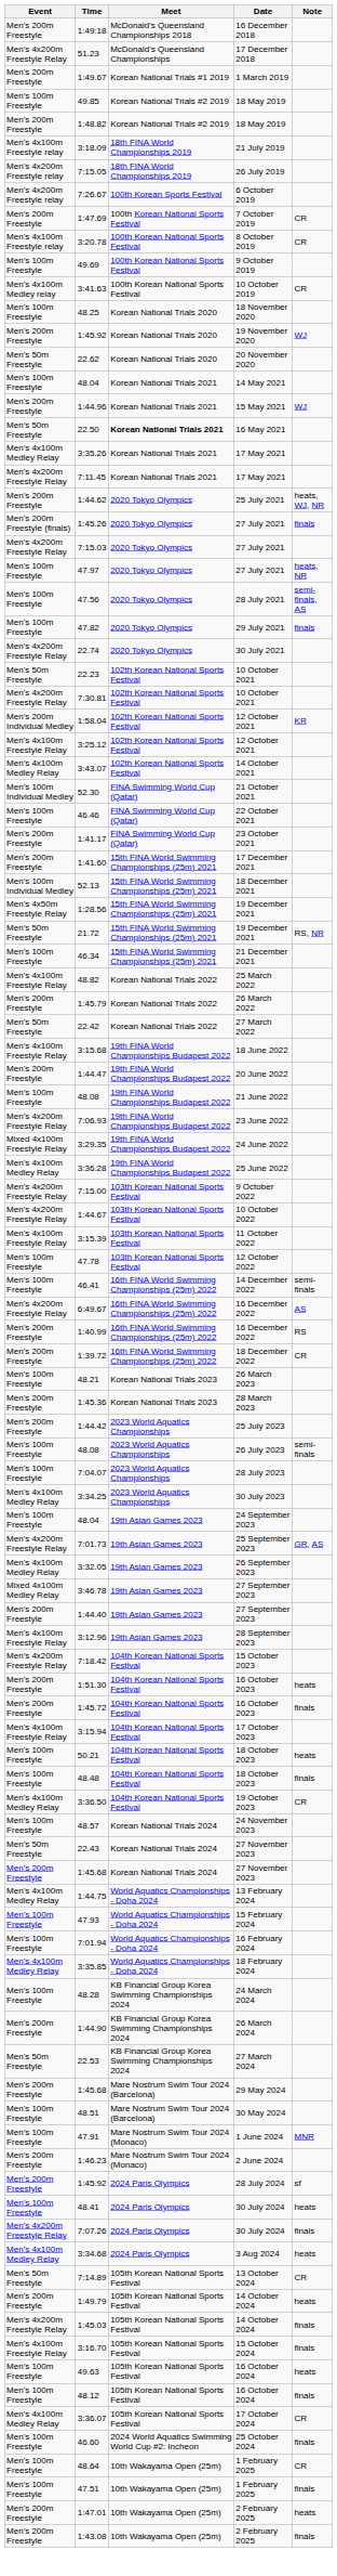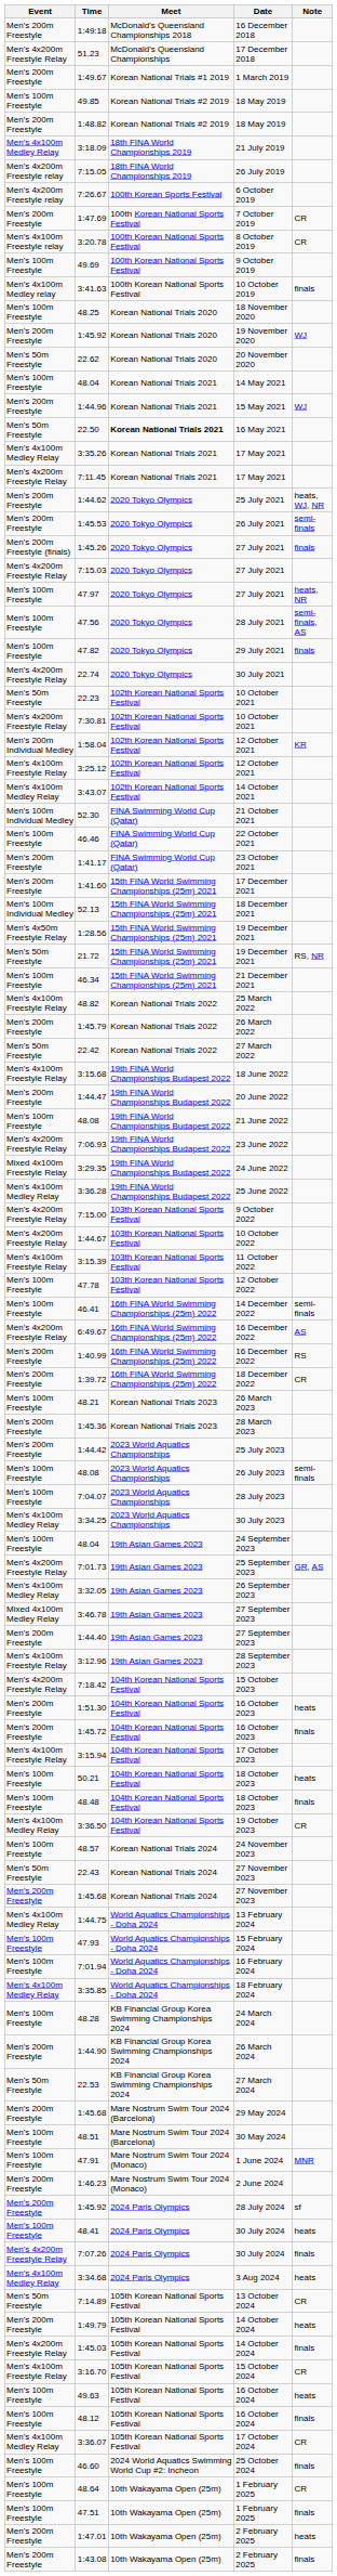 <table class="wikitable">
 <tr>
 <th>Event</th>
 <th>Time</th>
 <th>Meet</th>
 <th>Date</th>
 <th>Note</th>
 </tr>
 <tr>
 <td>Men's 200m Freestyle</td>
 <td>1:49:18</td>
 <td>McDonald's Queensland Championships 2018</td>
 <td>16 December 2018</td>
 <td></td>
 </tr>
 <tr>
 <td>Men's 4x200m Freestyle Relay</td>
 <td>51.23</td>
 <td>McDonald's Queensland Championships</td>
 <td>17 December 2018</td>
 <td></td>
 </tr>
 <tr>
 <td>Men's 200m Freestyle</td>
 <td>1:49.67</td>
 <td>Korean National Trials #1 2019</td>
 <td>1 March 2019</td>
 <td></td>
 </tr>
 <tr>
 <td>Men's 100m Freestyle</td>
 <td>49.85</td>
 <td>Korean National Trials #2 2019</td>
 <td>18 May 2019</td>
 <td></td>
 </tr>
 <tr>
 <td>Men's 200m Freestyle</td>
 <td>1:48.82</td>
 <td>Korean National Trials #2 2019</td>
 <td>18 May 2019</td>
 <td></td>
 </tr>
 <tr>
-<td>Men's 4x100m Freestyle relay</td>
+<td><a href='#'>Men's 4x100m Medley Relay</a></td>
 <td>3:18.09</td>
 <td><a href='#'>18th FINA World Championships 2019</a></td>
 <td>21 July 2019</td>
 <td></td>
 </tr>
 <tr>
 <td>Men's 4x200m Freestyle relay</td>
 <td>7:15.05</td>
 <td><a href='#'>18th FINA World Championships 2019</a></td>
 <td>26 July 2019</td>
 <td></td>
 </tr>
 <tr>
 <td>Men's 4x200m Freestyle relay</td>
 <td>7:26.67</td>
 <td><a href='#'>100th Korean Sports Festival</a></td>
 <td>6 October 2019</td>
 <td></td>
 </tr>
 <tr>
 <td>Men's 200m Freestyle</td>
 <td>1:47.69</td>
 <td>100th <a href='#'>Korean National Sports Festival</a></td>
 <td>7 October 2019</td>
 <td>CR</td>
 </tr>
 <tr>
 <td>Men's 4x100m Freestyle relay</td>
 <td>3:20.78</td>
 <td><a href='#'>100th Korean National Sports Festival</a></td>
 <td>8 October 2019</td>
 <td>CR</td>
 </tr>
 <tr>
 <td>Men's 100m Freestyle</td>
 <td>49.69</td>
 <td><a href='#'>100th Korean National Sports Festival</a></td>
 <td>9 October 2019</td>
 <td></td>
 </tr>
 <tr>
 <td>Men's 4x100m Medley relay</td>
 <td>3:41.63</td>
 <td>100th Korean National Sports Festival</td>
 <td>10 October 2019</td>
-<td>CR</td>
+<td>finals</td>
 </tr>
 <tr>
 <td>Men's 100m Freestyle</td>
 <td>48.25</td>
 <td>Korean National Trials 2020</td>
 <td>18 November 2020</td>
 <td></td>
 </tr>
 <tr>
 <td>Men's 200m Freestyle</td>
 <td>1:45.92</td>
 <td>Korean National Trials 2020</td>
 <td>19 November 2020</td>
 <td><a href='#'>WJ</a></td>
 </tr>
 <tr>
 <td>Men's 50m Freestyle</td>
 <td>22.62</td>
 <td>Korean National Trials 2020</td>
 <td>20 November 2020</td>
 <td></td>
 </tr>
 <tr>
 <td>Men's 100m Freestyle</td>
 <td>48.04</td>
 <td>Korean National Trials 2021</td>
 <td>14 May 2021</td>
 <td></td>
 </tr>
 <tr>
 <td>Men's 200m Freestyle</td>
 <td>1:44.96</td>
 <td>Korean National Trials 2021</td>
 <td>15 May 2021</td>
 <td><a href='#'>WJ</a></td>
 </tr>
 <tr>
 <td>Men's 50m Freestyle</td>
 <td>22.50</td>
 <td><strong>Korean National Trials 2021</strong></td>
 <td>16 May 2021</td>
 <td></td>
 </tr>
 <tr>
 <td>Men's 4x100m Medley Relay</td>
 <td>3:35.26</td>
 <td>Korean National Trials 2021</td>
 <td>17 May 2021</td>
 <td></td>
 </tr>
 <tr>
 <td>Men's 4x200m Freestyle Relay</td>
 <td>7:11.45</td>
 <td>Korean National Trials 2021</td>
 <td>17 May 2021</td>
 <td></td>
 </tr>
 <tr>
 <td>Men's 200m Freestyle</td>
 <td>1:44.62</td>
 <td><a href='#'>2020 Tokyo Olympics</a></td>
 <td>25 July 2021</td>
 <td>heats, <a href='#'>WJ</a>, <a href='#'>NR</a></td>
+</tr>
+<tr>
+<td>Men's 200m Freestyle</td>
+<td>1:45.53</td>
+<td><a href='#'>2020 Tokyo Olympics</a></td>
+<td>26 July 2021</td>
+<td><a href='#'>semi-finals</a></td>
 </tr>
 <tr>
 <td>Men's 200m Freestyle (finals)</td>
 <td>1:45.26</td>
 <td><a href='#'>2020 Tokyo Olympics</a></td>
 <td>27 July 2021</td>
 <td><a href='#'>finals</a></td>
 </tr>
 <tr>
 <td>Men's 4x200m Freestyle Relay</td>
 <td>7:15.03</td>
 <td><a href='#'>2020 Tokyo Olympics</a></td>
 <td>27 July 2021</td>
 <td></td>
 </tr>
 <tr>
 <td>Men's 100m Freestyle</td>
 <td>47.97</td>
 <td><a href='#'>2020 Tokyo Olympics</a></td>
 <td>27 July 2021</td>
 <td><a href='#'>heats</a>, <a href='#'>NR</a></td>
 </tr>
 <tr>
 <td>Men's 100m Freestyle</td>
 <td>47.56</td>
 <td><a href='#'>2020 Tokyo Olympics</a></td>
 <td>28 July 2021</td>
 <td><a href='#'>semi-finals</a>, <a href='#'>AS</a></td>
 </tr>
 <tr>
 <td>Men's 100m Freestyle</td>
 <td>47.82</td>
 <td><a href='#'>2020 Tokyo Olympics</a></td>
 <td>29 July 2021</td>
 <td><a href='#'>finals</a></td>
 </tr>
 <tr>
 <td>Men's 4x200m Freestyle Relay</td>
 <td>22.74</td>
 <td><a href='#'>2020 Tokyo Olympics</a></td>
 <td>30 July 2021</td>
 <td></td>
 </tr>
 <tr>
 <td>Men's 50m Freestyle</td>
 <td>22.23</td>
 <td><a href='#'>102th Korean National Sports Festival</a></td>
 <td>10 October 2021</td>
 <td></td>
 </tr>
 <tr>
 <td>Men's 4x200m Freestyle Relay</td>
 <td>7:30.81</td>
 <td><a href='#'>102th Korean National Sports Festival</a></td>
 <td>10 October 2021</td>
 <td></td>
 </tr>
 <tr>
 <td>Men's 200m Individual Medley</td>
 <td>1:58.04</td>
 <td><a href='#'>102th Korean National Sports Festival</a></td>
 <td>12 October 2021</td>
 <td><a href='#'>KR</a></td>
 </tr>
 <tr>
 <td>Men's 4x100m Freestyle Relay</td>
 <td>3:25.12</td>
 <td><a href='#'>102th Korean National Sports Festival</a></td>
 <td>12 October 2021</td>
 <td></td>
 </tr>
 <tr>
 <td>Men's 4x100m Medley Relay</td>
 <td>3:43.07</td>
 <td><a href='#'>102th Korean National Sports Festival</a></td>
 <td>14 October 2021</td>
 <td></td>
 </tr>
 <tr>
 <td>Men's 100m Individual Medley</td>
 <td>52.30</td>
 <td><a href='#'>FINA Swimming World Cup (Qatar)</a></td>
 <td>21 October 2021</td>
 <td></td>
 </tr>
 <tr>
 <td>Men's 100m Freestyle</td>
 <td>46.46</td>
 <td><a href='#'>FINA Swimming World Cup (Qatar)</a></td>
 <td>22 October 2021</td>
 <td></td>
 </tr>
 <tr>
 <td>Men's 200m Freestyle</td>
 <td>1:41.17</td>
 <td><a href='#'>FINA Swimming World Cup (Qatar)</a></td>
 <td>23 October 2021</td>
 <td></td>
 </tr>
 <tr>
 <td>Men's 200m Freestyle</td>
 <td>1:41.60</td>
 <td><a href='#'>15th FINA World Swimming Championships (25m) 2021</a></td>
 <td>17 December 2021</td>
 <td></td>
 </tr>
 <tr>
 <td>Men's 100m Individual Medley</td>
 <td>52.13</td>
 <td><a href='#'>15th FINA World Swimming Championships (25m) 2021</a></td>
 <td>18 December 2021</td>
 <td></td>
 </tr>
 <tr>
 <td>Men's 4x50m Freestyle Relay</td>
 <td>1:28.56</td>
 <td><a href='#'>15th FINA World Swimming Championships (25m) 2021</a></td>
 <td>19 December 2021</td>
 <td></td>
 </tr>
 <tr>
 <td>Men's 50m Freestyle</td>
 <td>21.72</td>
 <td><a href='#'>15th FINA World Swimming Championships (25m) 2021</a></td>
 <td>19 December 2021</td>
 <td>RS, <a href='#'>NR</a></td>
 </tr>
 <tr>
 <td>Men's 100m Freestyle</td>
 <td>46.34</td>
 <td><a href='#'>15th FINA World Swimming Championships (25m) 2021</a></td>
 <td>21 December 2021</td>
 <td></td>
 </tr>
 <tr>
 <td>Men's 4x100m Freestyle Relay</td>
 <td>48.82</td>
 <td>Korean National Trials 2022</td>
 <td>25 March 2022</td>
 <td></td>
 </tr>
 <tr>
 <td>Men's 200m Freestyle</td>
 <td>1:45.79</td>
 <td>Korean National Trials 2022</td>
 <td>26 March 2022</td>
 <td></td>
 </tr>
 <tr>
 <td>Men's 50m Freestyle</td>
 <td>22.42</td>
 <td>Korean National Trials 2022</td>
 <td>27 March 2022</td>
 <td></td>
 </tr>
 <tr>
 <td>Men's 4x100m Freestyle Relay</td>
 <td>3:15.68</td>
 <td><a href='#'>19th FINA World Championships Budapest 2022</a></td>
 <td>18 June 2022</td>
 <td></td>
 </tr>
 <tr>
 <td>Men's 200m Freestyle</td>
 <td>1:44.47</td>
 <td><a href='#'>19th FINA World Championships Budapest 2022</a></td>
 <td>20 June 2022</td>
 <td></td>
 </tr>
 <tr>
 <td>Men's 100m Freestyle</td>
 <td>48.08</td>
 <td><a href='#'>19th FINA World Championships Budapest 2022</a></td>
 <td>21 June 2022</td>
 <td></td>
 </tr>
 <tr>
 <td>Men's 4x200m Freestyle Relay</td>
 <td>7:06.93</td>
 <td><a href='#'>19th FINA World Championships Budapest 2022</a></td>
 <td>23 June 2022</td>
 <td></td>
 </tr>
 <tr>
 <td>Mixed 4x100m Freestyle Relay</td>
 <td>3:29.35</td>
 <td><a href='#'>19th FINA World Championships Budapest 2022</a></td>
 <td>24 June 2022</td>
 <td></td>
 </tr>
 <tr>
 <td>Men's 4x100m Medley Relay</td>
 <td>3:36.28</td>
 <td><a href='#'>19th FINA World Championships Budapest 2022</a></td>
 <td>25 June 2022</td>
 <td></td>
 </tr>
 <tr>
 <td>Men's 4x200m Freestyle Relay</td>
 <td>7:15.00</td>
 <td><a href='#'>103th Korean National Sports Festival</a></td>
 <td>9 October 2022</td>
 <td></td>
 </tr>
 <tr>
 <td>Men's 4x200m Freestyle Relay</td>
 <td>1:44.67</td>
 <td><a href='#'>103th Korean National Sports Festival</a></td>
 <td>10 October 2022</td>
 <td></td>
 </tr>
 <tr>
 <td>Men's 4x100m Freestyle Relay</td>
 <td>3:15.39</td>
 <td><a href='#'>103th Korean National Sports Festival</a></td>
 <td>11 October 2022</td>
 <td></td>
 </tr>
 <tr>
 <td>Men's 100m Freestyle</td>
 <td>47.78</td>
 <td><a href='#'>103th Korean National Sports Festival</a></td>
 <td>12 October 2022</td>
 <td></td>
 </tr>
 <tr>
 <td>Men's 100m Freestyle</td>
 <td>46.41</td>
 <td><a href='#'>16th FINA World Swimming Championships (25m) 2022</a></td>
 <td>14 December 2022</td>
 <td>semi-finals</td>
 </tr>
 <tr>
 <td>Men's 4x200m Freestyle Relay</td>
 <td>6:49.67</td>
 <td><a href='#'>16th FINA World Swimming Championships (25m) 2022</a></td>
 <td>16 December 2022</td>
 <td><a href='#'>AS</a></td>
 </tr>
 <tr>
 <td>Men's 200m Freestyle</td>
 <td>1:40.99</td>
 <td><a href='#'>16th FINA World Swimming Championships (25m) 2022</a></td>
 <td>16 December 2022</td>
 <td>RS</td>
 </tr>
 <tr>
 <td>Men's 200m Freestyle</td>
 <td>1:39.72</td>
 <td><a href='#'>16th FINA World Swimming Championships (25m) 2022</a></td>
 <td>18 December 2022</td>
 <td>CR</td>
 </tr>
 <tr>
 <td>Men's 100m Freestyle</td>
 <td>48.21</td>
 <td>Korean National Trials 2023</td>
 <td>26 March 2023</td>
 <td></td>
 </tr>
 <tr>
 <td>Men's 200m Freestyle</td>
 <td>1:45.36</td>
 <td>Korean National Trials 2023</td>
 <td>28 March 2023</td>
 <td></td>
 </tr>
 <tr>
 <td>Men's 200m Freestyle</td>
 <td>1:44.42</td>
 <td><a href='#'>2023 World Aquatics Championships</a></td>
 <td>25 July 2023</td>
 <td></td>
 </tr>
 <tr>
 <td>Men's 100m Freestyle</td>
 <td>48.08</td>
 <td><a href='#'>2023 World Aquatics Championships</a></td>
 <td>26 July 2023</td>
 <td>semi-finals</td>
 </tr>
 <tr>
 <td>Men's 100m Freestyle</td>
 <td>7:04.07</td>
 <td><a href='#'>2023 World Aquatics Championships</a></td>
 <td>28 July 2023</td>
 <td></td>
 </tr>
 <tr>
 <td>Men's 4x100m Medley Relay</td>
 <td>3:34.25</td>
 <td><a href='#'>2023 World Aquatics Championships</a></td>
 <td>30 July 2023</td>
 <td></td>
 </tr>
 <tr>
 <td>Men's 100m Freestyle</td>
 <td>48.04</td>
 <td><a href='#'>19th Asian Games 2023</a></td>
 <td>24 September 2023</td>
 <td></td>
 </tr>
 <tr>
 <td>Men's 4x200m Freestyle Relay</td>
 <td>7:01.73</td>
 <td><a href='#'>19th Asian Games 2023</a></td>
 <td>25 September 2023</td>
 <td><a href='#'>GR</a>, <a href='#'>AS</a></td>
 </tr>
 <tr>
 <td>Men's 4x100m Medley Relay</td>
 <td>3:32.05</td>
 <td><a href='#'>19th Asian Games 2023</a></td>
 <td>26 September 2023</td>
 <td></td>
 </tr>
 <tr>
 <td>Mixed 4x100m Medley Relay</td>
 <td>3:46.78</td>
 <td><a href='#'>19th Asian Games 2023</a></td>
 <td>27 September 2023</td>
 <td></td>
 </tr>
 <tr>
 <td>Men's 200m Freestyle</td>
 <td>1:44.40</td>
 <td><a href='#'>19th Asian Games 2023</a></td>
 <td>27 September 2023</td>
 <td></td>
 </tr>
 <tr>
 <td>Men's 4x100m Freestyle Relay</td>
 <td>3:12.96</td>
 <td><a href='#'>19th Asian Games 2023</a></td>
 <td>28 September 2023</td>
 <td></td>
 </tr>
 <tr>
 <td>Men's 4x200m Freestyle Relay</td>
 <td>7:18.42</td>
 <td><a href='#'>104th Korean National Sports Festival</a></td>
 <td>15 October 2023</td>
 <td></td>
 </tr>
 <tr>
 <td>Men's 200m Freestyle</td>
 <td>1:51.30</td>
 <td><a href='#'>104th Korean National Sports Festival</a></td>
 <td>16 October 2023</td>
 <td>heats</td>
 </tr>
 <tr>
 <td>Men's 200m Freestyle</td>
 <td>1:45.72</td>
 <td><a href='#'>104th Korean National Sports Festival</a></td>
 <td>16 October 2023</td>
 <td>finals</td>
 </tr>
 <tr>
 <td>Men's 4x100m Freestyle Relay</td>
 <td>3:15.94</td>
 <td><a href='#'>104th Korean National Sports Festival</a></td>
 <td>17 October 2023</td>
 <td></td>
 </tr>
 <tr>
 <td>Men's 100m Freestyle</td>
 <td>50.21</td>
 <td><a href='#'>104th Korean National Sports Festival</a></td>
 <td>18 October 2023</td>
 <td>heats</td>
 </tr>
 <tr>
 <td>Men's 100m Freestyle</td>
 <td>48.48</td>
 <td><a href='#'>104th Korean National Sports Festival</a></td>
 <td>18 October 2023</td>
 <td>finals</td>
 </tr>
 <tr>
 <td>Men's 4x100m Medley Relay</td>
 <td>3:36.50</td>
 <td><a href='#'>104th Korean National Sports Festival</a></td>
 <td>19 October 2023</td>
 <td>CR</td>
 </tr>
 <tr>
 <td>Men's 100m Freestyle</td>
 <td>48.57</td>
 <td>Korean National Trials 2024</td>
 <td>24 November 2023</td>
 <td></td>
 </tr>
 <tr>
 <td>Men's 50m Freestyle</td>
 <td>22.43</td>
 <td>Korean National Trials 2024</td>
 <td>27 November 2023</td>
 <td></td>
 </tr>
 <tr>
 <td><a href='#'>Men's 200m Freestyle</a></td>
 <td>1:45.68</td>
 <td>Korean National Trials 2024</td>
 <td>27 November 2023</td>
 <td></td>
 </tr>
 <tr>
 <td>Men's 4x100m Medley Relay</td>
 <td>1:44.75</td>
 <td><a href='#'>World Aquatics Championships - Doha 2024</a></td>
 <td>13 February 2024</td>
 <td></td>
 </tr>
 <tr>
 <td><a href='#'>Men's 100m Freestyle</a></td>
 <td>47.93</td>
 <td><a href='#'>World Aquatics Championships - Doha 2024</a></td>
 <td>15 February 2024</td>
 <td></td>
 </tr>
 <tr>
 <td>Men's 100m Freestyle</td>
 <td>7:01.94</td>
 <td><a href='#'>World Aquatics Championships - Doha 2024</a></td>
 <td>16 February 2024</td>
 <td></td>
 </tr>
 <tr>
 <td><a href='#'>Men's 4x100m Medley Relay</a></td>
 <td>3:35.85</td>
 <td><a href='#'>World Aquatics Championships - Doha 2024</a></td>
 <td>18 February 2024</td>
 <td></td>
 </tr>
 <tr>
 <td>Men's 100m Freestyle</td>
 <td>48.28</td>
 <td>KB Financial Group Korea Swimming Championships 2024</td>
 <td>24 March 2024</td>
 <td></td>
 </tr>
 <tr>
 <td>Men's 200m Freestyle</td>
 <td>1:44.90</td>
 <td>KB Financial Group Korea Swimming Championships 2024</td>
 <td>26 March 2024</td>
 <td></td>
 </tr>
 <tr>
 <td>Men's 50m Freestyle</td>
 <td>22.53</td>
 <td>KB Financial Group Korea Swimming Championships 2024</td>
 <td>27 March 2024</td>
 <td></td>
 </tr>
 <tr>
 <td>Men's 200m Freestyle</td>
 <td>1:45.68</td>
 <td>Mare Nostrum Swim Tour 2024 (Barcelona)</td>
 <td>29 May 2024</td>
 <td></td>
 </tr>
 <tr>
 <td>Men's 100m Freestyle</td>
 <td>48.51</td>
 <td>Mare Nostrum Swim Tour 2024 (Barcelona)</td>
 <td>30 May 2024</td>
 <td></td>
 </tr>
 <tr>
 <td>Men's 100m Freestyle</td>
 <td>47.91</td>
 <td>Mare Nostrum Swim Tour 2024 (Monaco)</td>
 <td>1 June 2024</td>
 <td><a href='#'>MNR</a></td>
 </tr>
 <tr>
 <td>Men's 200m Freestyle</td>
 <td>1:46.23</td>
 <td>Mare Nostrum Swim Tour 2024 (Monaco)</td>
 <td>2 June 2024</td>
 <td></td>
 </tr>
 <tr>
 <td><a href='#'>Men's 200m Freestyle</a></td>
 <td>1:45.92</td>
 <td><a href='#'>2024 Paris Olympics</a></td>
 <td>28 July 2024</td>
 <td>sf</td>
 </tr>
 <tr>
 <td><a href='#'>Men's 100m Freestyle</a></td>
 <td>48.41</td>
 <td><a href='#'>2024 Paris Olympics</a></td>
 <td>30 July 2024</td>
 <td>heats</td>
 </tr>
 <tr>
 <td><a href='#'>Men's 4x200m Freestyle Relay</a></td>
 <td>7:07.26</td>
 <td><a href='#'>2024 Paris Olympics</a></td>
 <td>30 July 2024</td>
 <td>finals</td>
 </tr>
 <tr>
 <td><a href='#'>Men's 4x100m Medley Relay</a></td>
 <td>3:34.68</td>
 <td><a href='#'>2024 Paris Olympics</a></td>
 <td>3 Aug 2024</td>
 <td>heats</td>
 </tr>
 <tr>
 <td>Men's 50m Freestyle</td>
 <td>7:14.89</td>
 <td>105th Korean National Sports Festival</td>
 <td>13 October 2024</td>
 <td>CR</td>
 </tr>
 <tr>
 <td>Men's 200m Freestyle</td>
 <td>1:49.79</td>
 <td>105th Korean National Sports Festival</td>
 <td>14 October 2024</td>
 <td>heats</td>
 </tr>
 <tr>
 <td>Men's 4x200m Freestyle Relay</td>
 <td>1:45.03</td>
 <td>105th Korean National Sports Festival</td>
 <td>14 October 2024</td>
 <td>finals</td>
 </tr>
 <tr>
 <td>Men's 4x100m Freestyle Relay</td>
 <td>3:16.70</td>
 <td>105th Korean National Sports Festival</td>
 <td>15 October 2024</td>
-<td>finals</td>
+<td>CR</td>
 </tr>
 <tr>
 <td>Men's 100m Freestyle</td>
 <td>49.63</td>
 <td>105th Korean National Sports Festival</td>
 <td>16 October 2024</td>
 <td>heats</td>
 </tr>
 <tr>
 <td>Men's 100m Freestyle</td>
 <td>48.12</td>
 <td>105th Korean National Sports Festival</td>
 <td>16 October 2024</td>
 <td>finals</td>
 </tr>
 <tr>
 <td>Men's 4x100m Medley Relay</td>
 <td>3:36.07</td>
 <td>105th Korean National Sports Festival</td>
 <td>17 October 2024</td>
 <td>CR</td>
 </tr>
 <tr>
 <td>Men's 100m Freestyle</td>
 <td>46.60</td>
 <td>2024 World Aquatics Swimming World Cup #2: Incheon</td>
 <td>25 October 2024</td>
 <td>finals</td>
 </tr>
 <tr>
 <td>Men's 100m Freestyle</td>
 <td>48.64</td>
 <td>10th Wakayama Open (25m)</td>
 <td>1 February 2025</td>
 <td>CR</td>
 </tr>
 <tr>
 <td>Men's 100m Freestyle</td>
 <td>47.51</td>
 <td>10th Wakayama Open (25m)</td>
 <td>1 February 2025</td>
 <td>finals</td>
 </tr>
 <tr>
 <td>Men's 200m Freestyle</td>
 <td>1:47.01</td>
 <td>10th Wakayama Open (25m)</td>
 <td>2 February 2025</td>
 <td>heats</td>
 </tr>
 <tr>
 <td>Men's 200m Freestyle</td>
 <td>1:43.08</td>
 <td>10th Wakayama Open (25m)</td>
 <td>2 February 2025</td>
 <td>finals</td>
 </tr>
 </table>
